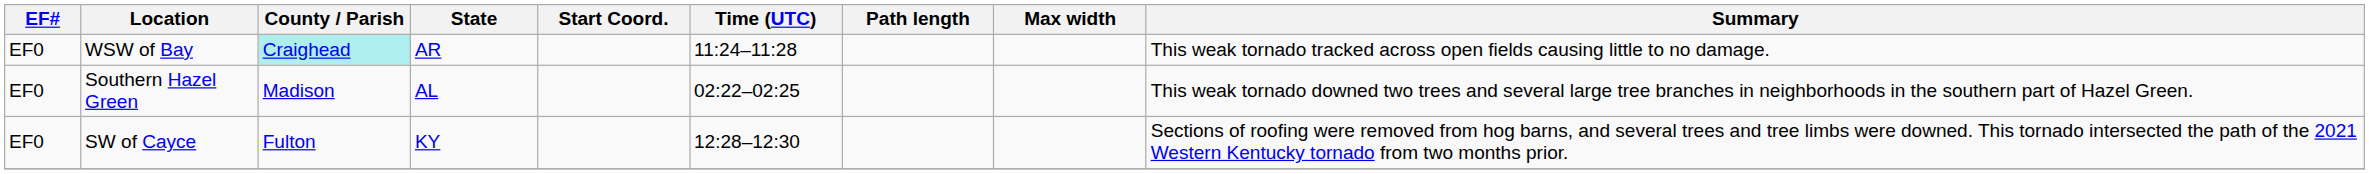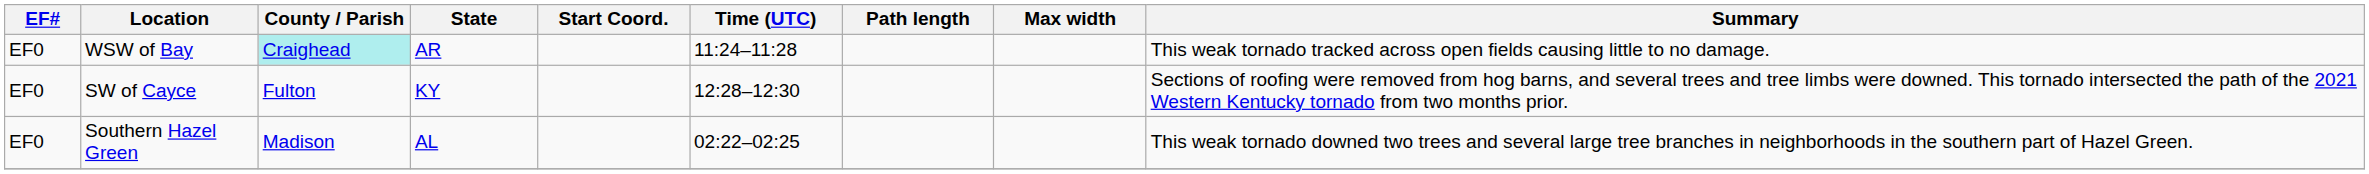 <table class="wikitable sortable" style="width:100%;">
 <tr>
 <th scope="col"  style="width:3%; text-align:center;"><a href='#'>EF#</a></th>
 <th scope="col"  style="width:7%; text-align:center;" class="unsortable">Location</th>
 <th scope="col"  style="width:6%; text-align:center;" class="unsortable">County / Parish</th>
 <th scope="col"  style="width:5%; text-align:center;">State</th>
 <th scope="col"  style="width:6%; text-align:center;">Start Coord.</th>
 <th scope="col"  style="width:6%; text-align:center;">Time (<a href='#'>UTC</a>)</th>
 <th scope="col"  style="width:6%; text-align:center;">Path length</th>
 <th scope="col"  style="width:6%; text-align:center;">Max width</th>
 <th scope="col" class="unsortable" style="width:48%; text-align:center;">Summary</th>
 </tr>
 <tr>
 <td>EF0</td>
 <td>WSW of <a href='#'>Bay</a></td>
 <td style="background: paleturquoise;"><a href='#'>Craighead</a></td>
 <td><a href='#'>AR</a></td>
 <td></td>
 <td>11:24–11:28</td>
 <td></td>
 <td></td>
 <td>This weak tornado tracked across open fields causing little to no damage.</td>
 </tr>
 <tr>
 <td>EF0</td>
+<td>SW of <a href='#'>Cayce</a></td>
+<td><a href='#'>Fulton</a></td>
+<td><a href='#'>KY</a></td>
+<td></td>
+<td>12:28–12:30</td>
+<td></td>
+<td></td>
+<td>Sections of roofing were removed from hog barns, and several trees and tree limbs were downed. This tornado intersected the path of the <a href='#'>2021 Western Kentucky tornado</a> from two months prior.</td>
+</tr>
+<tr>
+<td>EF0</td>
 <td>Southern <a href='#'>Hazel Green</a></td>
 <td><a href='#'>Madison</a></td>
 <td><a href='#'>AL</a></td>
 <td></td>
 <td>02:22–02:25</td>
 <td></td>
 <td></td>
 <td>This weak tornado downed two trees and several large tree branches in neighborhoods in the southern part of Hazel Green.</td>
 </tr>
 <tr>
-<td>EF0</td>
-<td>SW of <a href='#'>Cayce</a></td>
-<td><a href='#'>Fulton</a></td>
-<td><a href='#'>KY</a></td>
-<td></td>
-<td>12:28–12:30</td>
-<td></td>
-<td></td>
-<td>Sections of roofing were removed from hog barns, and several trees and tree limbs were downed. This tornado intersected the path of the <a href='#'>2021 Western Kentucky tornado</a> from two months prior.</td>
-</tr>
-<tr>
 </tr>
 </table>
